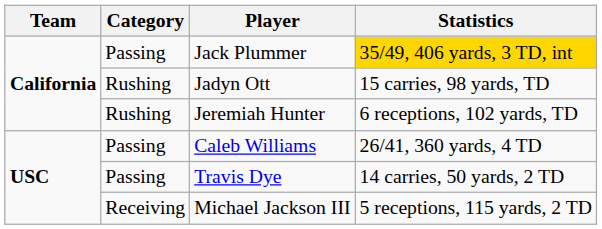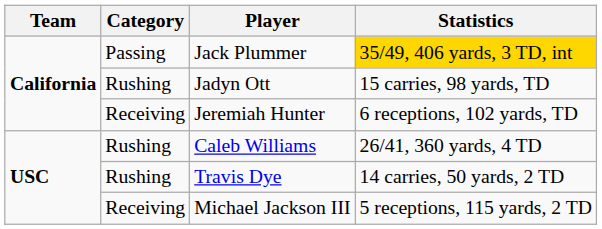 <table class="wikitable" style="float: right;">
 <tr>
 <th>Team</th>
 <th>Category</th>
 <th>Player</th>
 <th>Statistics</th>
 </tr>
 <tr>
 <td rowspan=3><strong>California</strong></td>
 <td>Passing</td>
 <td>Jack Plummer</td>
 <td style="background: gold;">35/49, 406 yards, 3 TD, int</td>
 </tr>
 <tr>
 <td>Rushing</td>
 <td>Jadyn Ott</td>
 <td>15 carries, 98 yards, TD</td>
 </tr>
 <tr>
-<td>Rushing</td>
+<td>Receiving</td>
 <td>Jeremiah Hunter</td>
 <td>6 receptions, 102 yards, TD</td>
 </tr>
 <tr>
 <td rowspan=3><strong>USC</strong></td>
-<td>Passing</td>
+<td>Rushing</td>
 <td><a href='#'>Caleb Williams</a></td>
 <td>26/41, 360 yards, 4 TD</td>
 </tr>
 <tr>
-<td>Passing</td>
+<td>Rushing</td>
 <td><a href='#'>Travis Dye</a></td>
 <td>14 carries, 50 yards, 2 TD</td>
 </tr>
 <tr>
 <td>Receiving</td>
 <td>Michael Jackson III</td>
 <td>5 receptions, 115 yards, 2 TD</td>
 </tr>
 </table>
